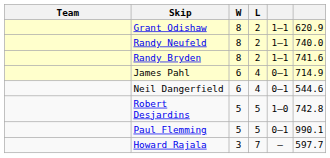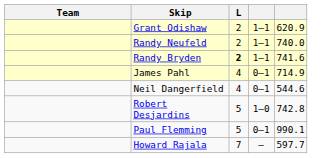 <table class="wikitable" style="text-align: center;">
 <tr>
 <th width=170>Team</th>
 <th width=130>Skip</th>
-<th width=20>W</th>
 <th width=20>L</th>
 <th width=30></th>
 <th width=20></th>
 </tr>
 <tr bgcolor=#ffffcc>
 <td style="text-align:left;"></td>
 <td style="text-align:left;"><a href='#'>Grant Odishaw</a></td>
-<td>8</td>
 <td>2</td>
 <td>1–1</td>
 <td>620.9</td>
 </tr>
 <tr bgcolor=#ffffcc>
 <td style="text-align:left;"></td>
 <td style="text-align:left;"><a href='#'>Randy Neufeld</a></td>
-<td>8</td>
 <td>2</td>
 <td>1–1</td>
 <td>740.0</td>
 </tr>
 <tr bgcolor=#ffffcc>
 <td style="text-align:left;"></td>
 <td style="text-align:left;"><a href='#'>Randy Bryden</a></td>
-<td>8</td>
-<td>2</td>
+<td><strong>2</strong></td>
 <td>1–1</td>
 <td>741.6</td>
 </tr>
 <tr bgcolor=#ffffcc>
 <td style="text-align:left;"></td>
 <td style="text-align:left;">James Pahl</td>
-<td>6</td>
 <td>4</td>
 <td>0–1</td>
 <td>714.9</td>
 </tr>
 <tr>
 <td style="text-align:left;"></td>
 <td style="text-align:left;">Neil Dangerfield</td>
-<td>6</td>
 <td>4</td>
 <td>0–1</td>
 <td>544.6</td>
 </tr>
 <tr>
 <td style="text-align:left;"></td>
 <td style="text-align:left;"><a href='#'>Robert Desjardins</a></td>
 <td>5</td>
-<td>5</td>
 <td>1–0</td>
 <td>742.8</td>
 </tr>
 <tr>
 <td style="text-align:left;"></td>
 <td style="text-align:left;"><a href='#'>Paul Flemming</a></td>
 <td>5</td>
-<td>5</td>
 <td>0–1</td>
 <td>990.1</td>
 </tr>
 <tr>
 <td style="text-align:left;"></td>
 <td style="text-align:left;"><a href='#'>Howard Rajala</a></td>
-<td>3</td>
 <td>7</td>
 <td>–</td>
 <td>597.7</td>
 </tr>
 </table>
